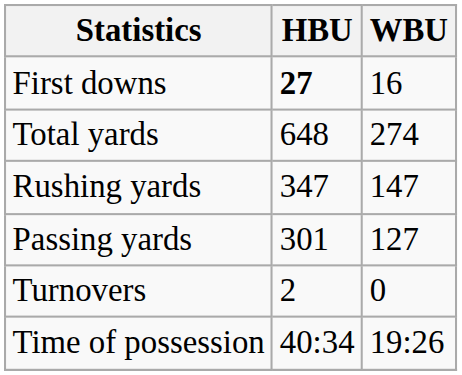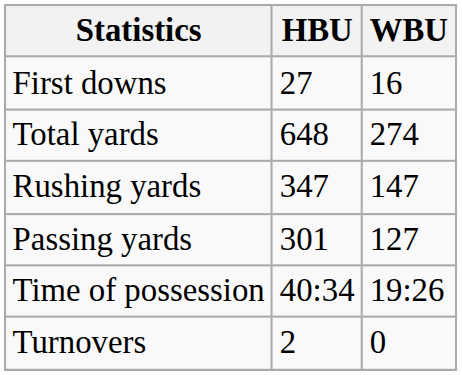 <table class="wikitable">
 <tr>
 <th>Statistics</th>
 <th>HBU</th>
 <th>WBU</th>
 </tr>
 <tr>
 <td>First downs</td>
-<td><strong>27</strong></td>
+<td>27</td>
 <td>16</td>
 </tr>
 <tr>
 <td>Total yards</td>
 <td>648</td>
 <td>274</td>
 </tr>
 <tr>
 <td>Rushing yards</td>
 <td>347</td>
 <td>147</td>
 </tr>
 <tr>
 <td>Passing yards</td>
 <td>301</td>
 <td>127</td>
 </tr>
 <tr>
+<td>Time of possession</td>
+<td>40:34</td>
+<td>19:26</td>
+</tr>
+<tr>
 <td>Turnovers</td>
 <td>2</td>
 <td>0</td>
 </tr>
 <tr>
-<td>Time of possession</td>
-<td>40:34</td>
-<td>19:26</td>
-</tr>
-<tr>
 </tr>
 </table>
